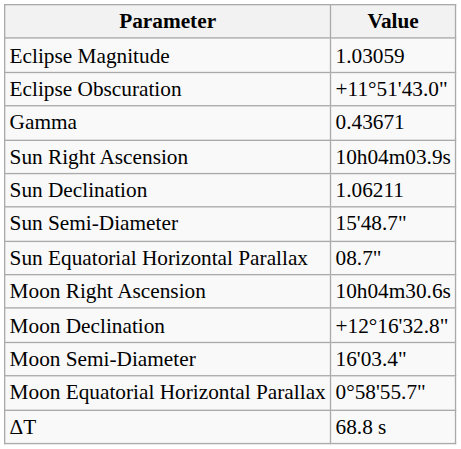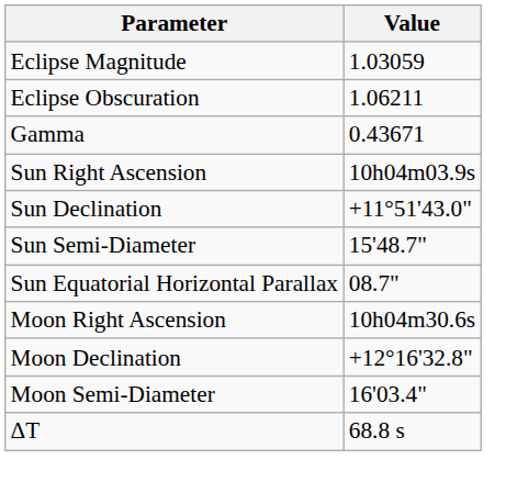 <table class="wikitable">
 <tr>
 <th>Parameter</th>
 <th>Value</th>
 </tr>
 <tr>
 <td>Eclipse Magnitude</td>
 <td>1.03059</td>
 </tr>
 <tr>
 <td>Eclipse Obscuration</td>
-<td>+11°51'43.0"</td>
+<td>1.06211</td>
 </tr>
 <tr>
 <td>Gamma</td>
 <td>0.43671</td>
 </tr>
 <tr>
 <td>Sun Right Ascension</td>
 <td>10h04m03.9s</td>
 </tr>
 <tr>
 <td>Sun Declination</td>
-<td>1.06211</td>
+<td>+11°51'43.0"</td>
 </tr>
 <tr>
 <td>Sun Semi-Diameter</td>
 <td>15'48.7"</td>
 </tr>
 <tr>
 <td>Sun Equatorial Horizontal Parallax</td>
 <td>08.7"</td>
 </tr>
 <tr>
 <td>Moon Right Ascension</td>
 <td>10h04m30.6s</td>
 </tr>
 <tr>
 <td>Moon Declination</td>
 <td>+12°16'32.8"</td>
 </tr>
 <tr>
 <td>Moon Semi-Diameter</td>
 <td>16'03.4"</td>
 </tr>
 <tr>
-<td>Moon Equatorial Horizontal Parallax</td>
-<td>0°58'55.7"</td>
-</tr>
-<tr>
 <td>ΔT</td>
 <td>68.8 s</td>
 </tr>
 </table>
